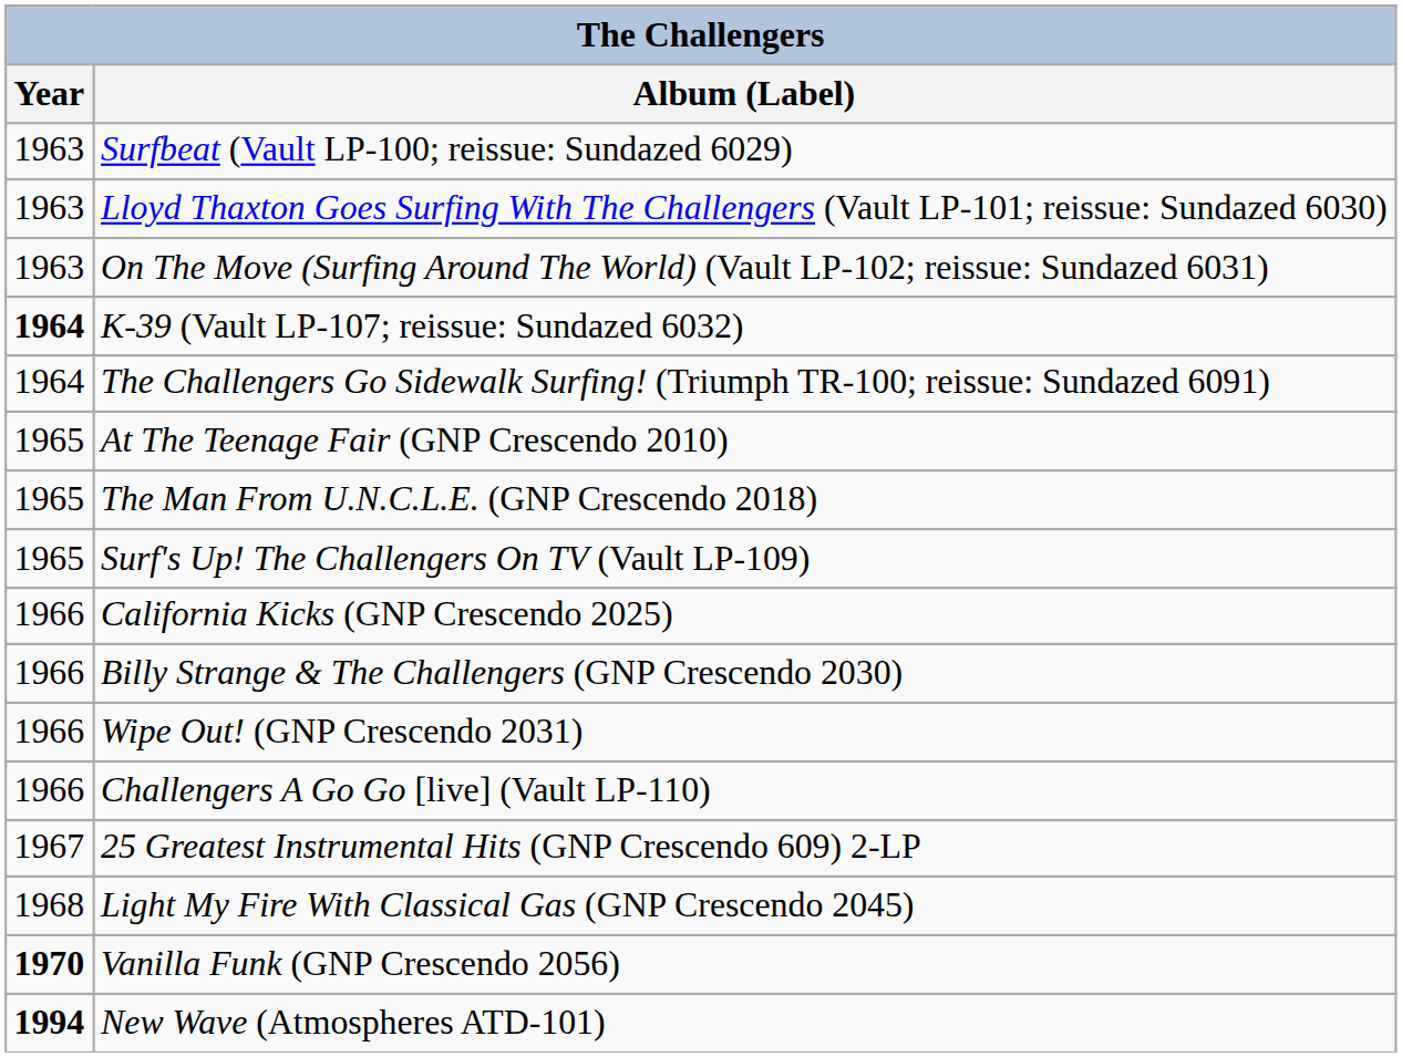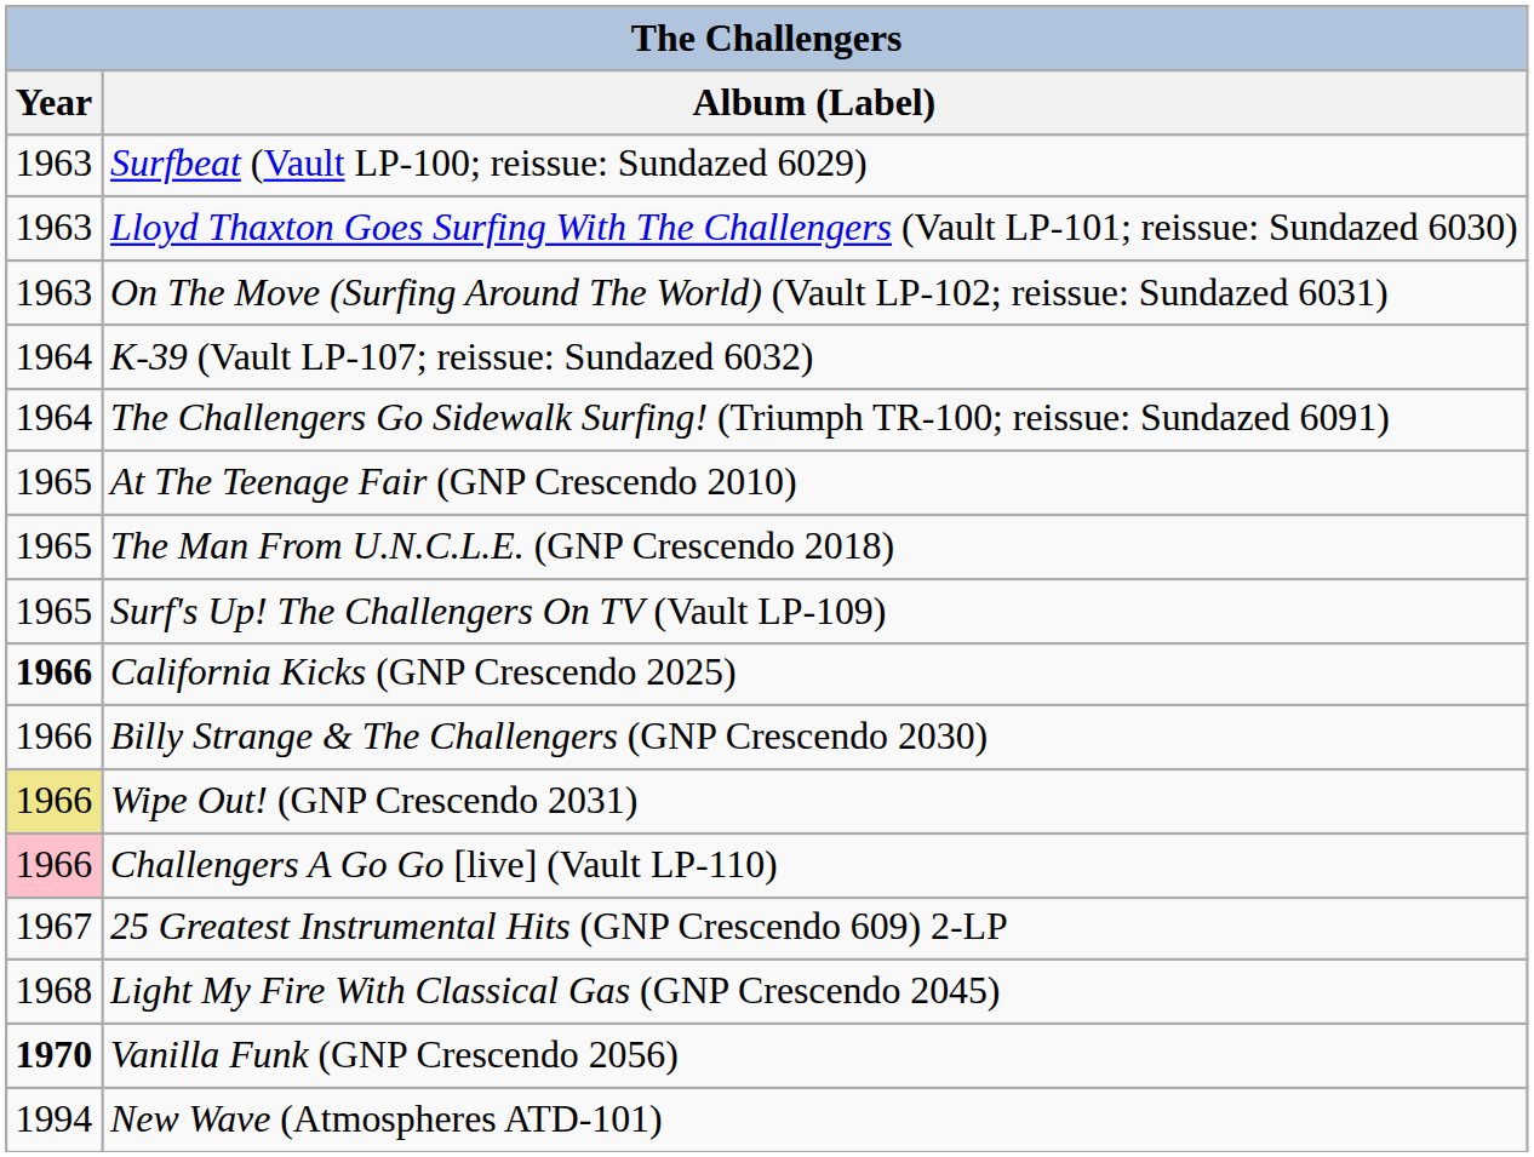 <table class="wikitable" style="font-size: 90%;">
 <tr>
 <th colspan="4" style="background: LightSteelBlue;">The Challengers</th>
 </tr>
 <tr>
 <th>Year</th>
 <th>Album (Label)</th>
 </tr>
 <tr>
 <td>1963</td>
 <td><em><a href='#'>Surfbeat</a></em> (<a href='#'>Vault</a> LP-100; reissue: Sundazed 6029)</td>
 </tr>
 <tr>
 <td>1963</td>
 <td><em><a href='#'>Lloyd Thaxton Goes Surfing With The Challengers</a></em> (Vault LP-101; reissue: Sundazed 6030)</td>
 </tr>
 <tr>
 <td>1963</td>
 <td><em>On The Move (Surfing Around The World)</em> (Vault LP-102; reissue: Sundazed 6031)</td>
 </tr>
 <tr>
-<td><strong>1964</strong></td>
+<td>1964</td>
 <td><em>K-39</em> (Vault LP-107; reissue: Sundazed 6032)</td>
 </tr>
 <tr>
 <td>1964</td>
 <td><em>The Challengers Go Sidewalk Surfing!</em> (Triumph TR-100; reissue: Sundazed 6091)</td>
 </tr>
 <tr>
 <td>1965</td>
 <td><em>At The Teenage Fair</em> (GNP Crescendo 2010)</td>
 </tr>
 <tr>
 <td>1965</td>
 <td><em>The Man From U.N.C.L.E.</em> (GNP Crescendo 2018)</td>
 </tr>
 <tr>
 <td>1965</td>
 <td><em>Surf's Up! The Challengers On TV</em> (Vault LP-109)</td>
 </tr>
 <tr>
-<td>1966</td>
+<td><strong>1966</strong></td>
 <td><em>California Kicks</em> (GNP Crescendo 2025)</td>
 </tr>
 <tr>
 <td>1966</td>
 <td><em>Billy Strange & The Challengers</em> (GNP Crescendo 2030)</td>
 </tr>
 <tr>
-<td>1966</td>
+<td style="background: khaki;">1966</td>
 <td><em>Wipe Out!</em> (GNP Crescendo 2031)</td>
 </tr>
 <tr>
-<td>1966</td>
+<td style="background: pink;">1966</td>
 <td><em>Challengers A Go Go</em> [live] (Vault LP-110)</td>
 </tr>
 <tr>
 <td>1967</td>
 <td><em>25 Greatest Instrumental Hits</em> (GNP Crescendo 609) 2-LP</td>
 </tr>
 <tr>
 <td>1968</td>
 <td><em>Light My Fire With Classical Gas</em> (GNP Crescendo 2045)</td>
 </tr>
 <tr>
 <td><strong>1970</strong></td>
 <td><em>Vanilla Funk</em> (GNP Crescendo 2056)</td>
 </tr>
 <tr>
-<td><strong>1994</strong></td>
+<td>1994</td>
 <td><em>New Wave</em> (Atmospheres ATD-101)</td>
 </tr>
 </table>
